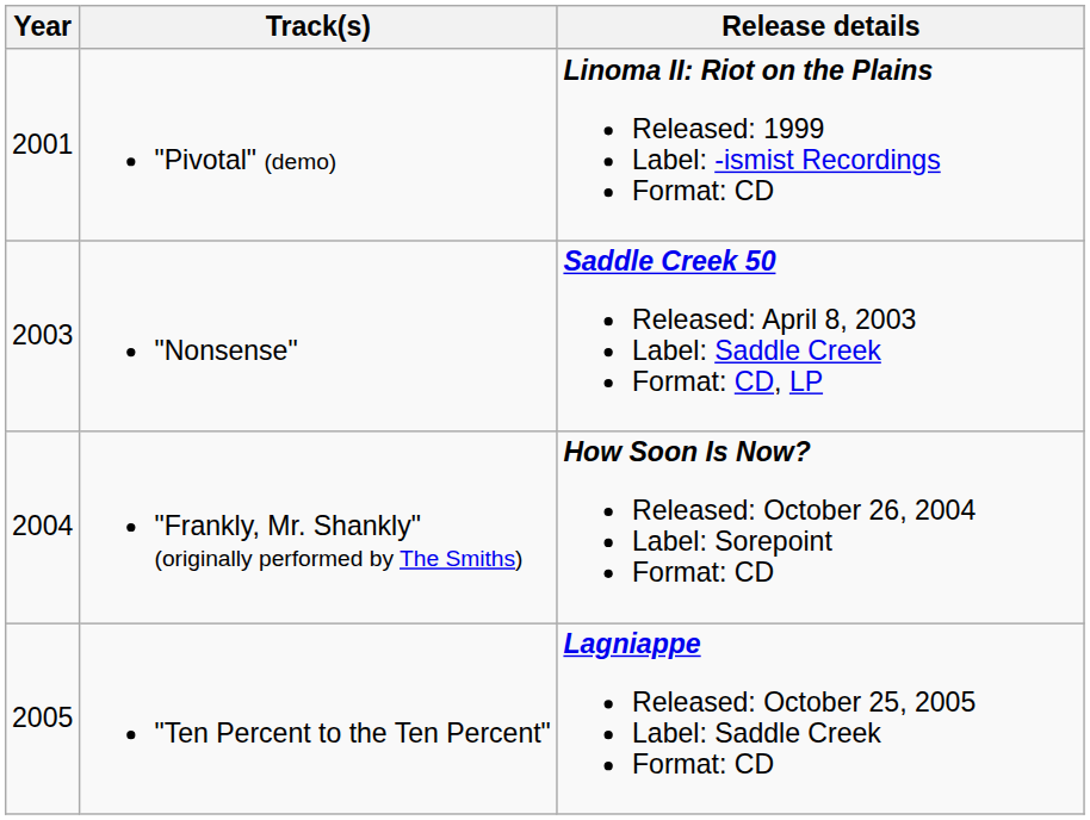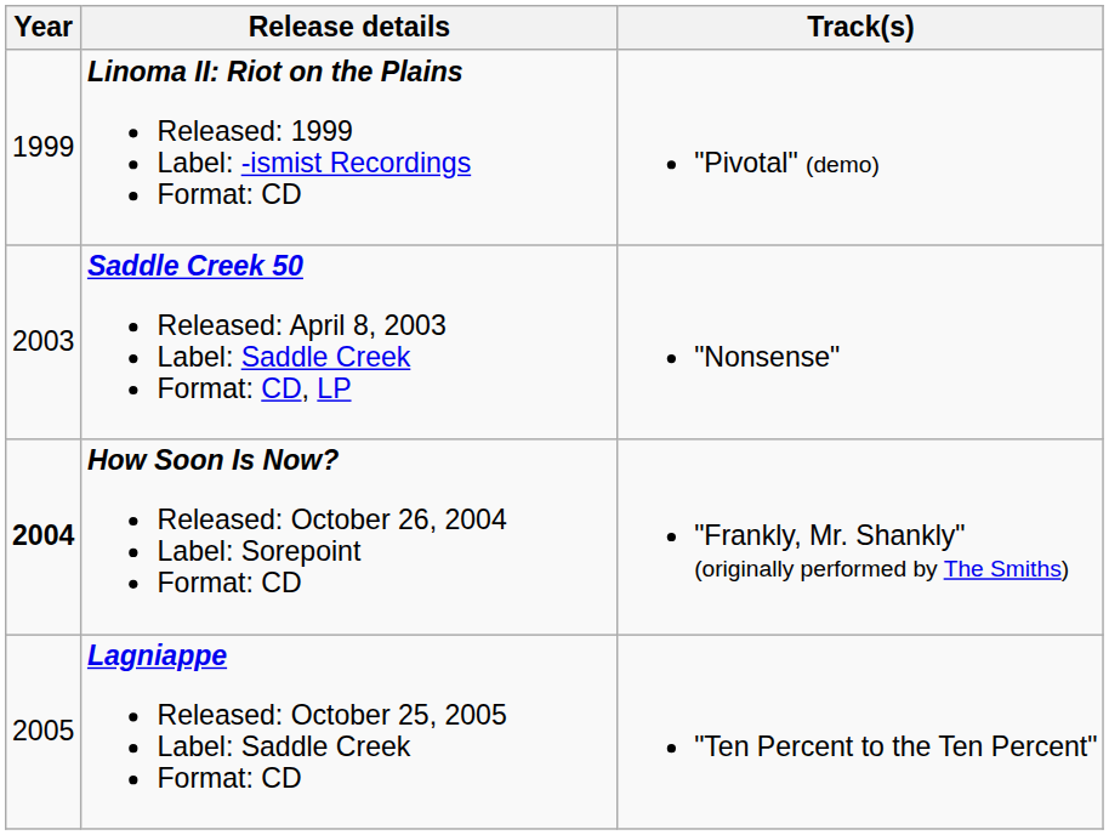 <table class ="wikitable">
 <tr>
 <th>Year</th>
+<th style="width:300px;">Release details</th>
 <th>Track(s)</th>
-<th style="width:300px;">Release details</th>
 </tr>
 <tr>
-<td>2001</td>
+<td>1999</td>
+<td><strong><em>Linoma II: Riot on the Plains</em></strong><br><ul><li>Released: 1999</li><li>Label: <a href='#'>-ismist Recordings</a></li><li>Format: CD</li></ul></td>
 <td><br><ul><li>"Pivotal" <small>(demo)</small></li></ul></td>
-<td><strong><em>Linoma II: Riot on the Plains</em></strong><br><ul><li>Released: 1999</li><li>Label: <a href='#'>-ismist Recordings</a></li><li>Format: CD</li></ul></td>
 </tr>
 <tr>
 <td>2003</td>
+<td><strong><em><a href='#'>Saddle Creek 50</a></em></strong><br><ul><li>Released: April 8, 2003</li><li>Label: <a href='#'>Saddle Creek</a></li><li>Format: <a href='#'>CD</a>, <a href='#'>LP</a></li></ul></td>
 <td><br><ul><li>"Nonsense"</li></ul></td>
-<td><strong><em><a href='#'>Saddle Creek 50</a></em></strong><br><ul><li>Released: April 8, 2003</li><li>Label: <a href='#'>Saddle Creek</a></li><li>Format: <a href='#'>CD</a>, <a href='#'>LP</a></li></ul></td>
 </tr>
 <tr>
-<td>2004</td>
+<td><strong>2004</strong></td>
+<td><strong><em>How Soon Is Now?</em></strong><br><ul><li>Released: October 26, 2004</li><li>Label: Sorepoint</li><li>Format: CD</li></ul></td>
 <td><br><ul><li>"Frankly, Mr. Shankly"<br><small>(originally performed by <a href='#'>The Smiths</a>)</small></li></ul></td>
-<td><strong><em>How Soon Is Now?</em></strong><br><ul><li>Released: October 26, 2004</li><li>Label: Sorepoint</li><li>Format: CD</li></ul></td>
 </tr>
 <tr>
 <td>2005</td>
+<td><strong><em><a href='#'>Lagniappe</a></em></strong><br><ul><li>Released: October 25, 2005</li><li>Label: Saddle Creek</li><li>Format: CD</li></ul></td>
 <td><br><ul><li>"Ten Percent to the Ten Percent"</li></ul></td>
-<td><strong><em><a href='#'>Lagniappe</a></em></strong><br><ul><li>Released: October 25, 2005</li><li>Label: Saddle Creek</li><li>Format: CD</li></ul></td>
 </tr>
 </table>
